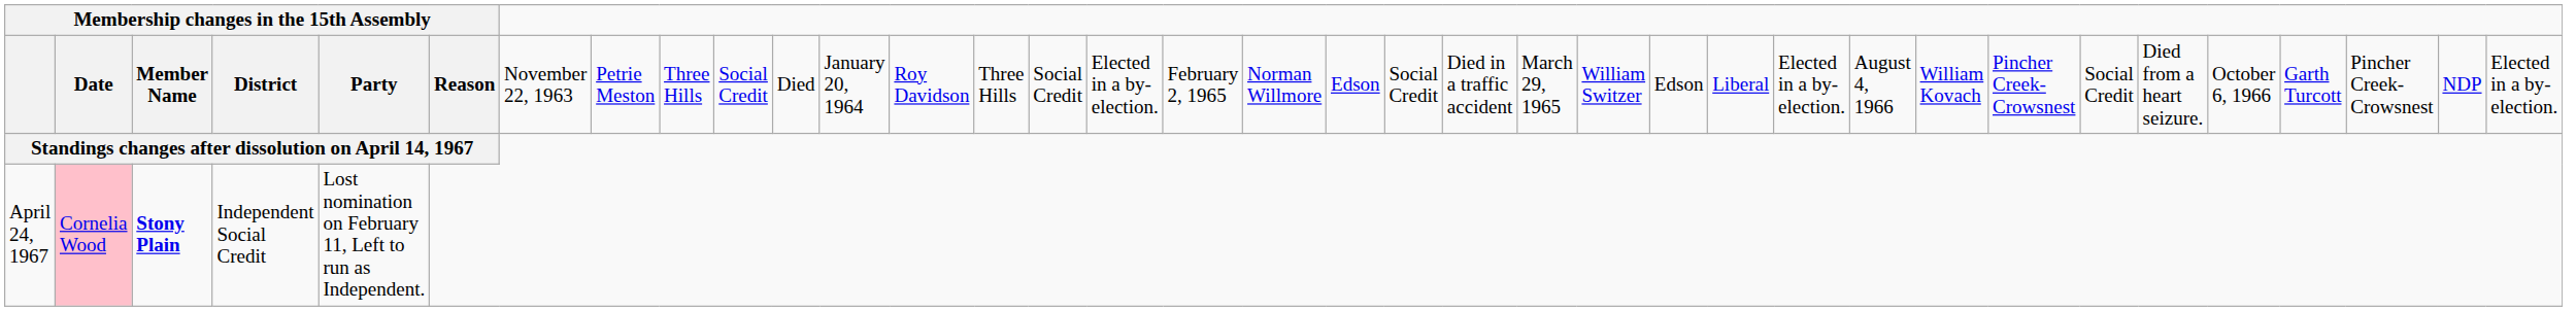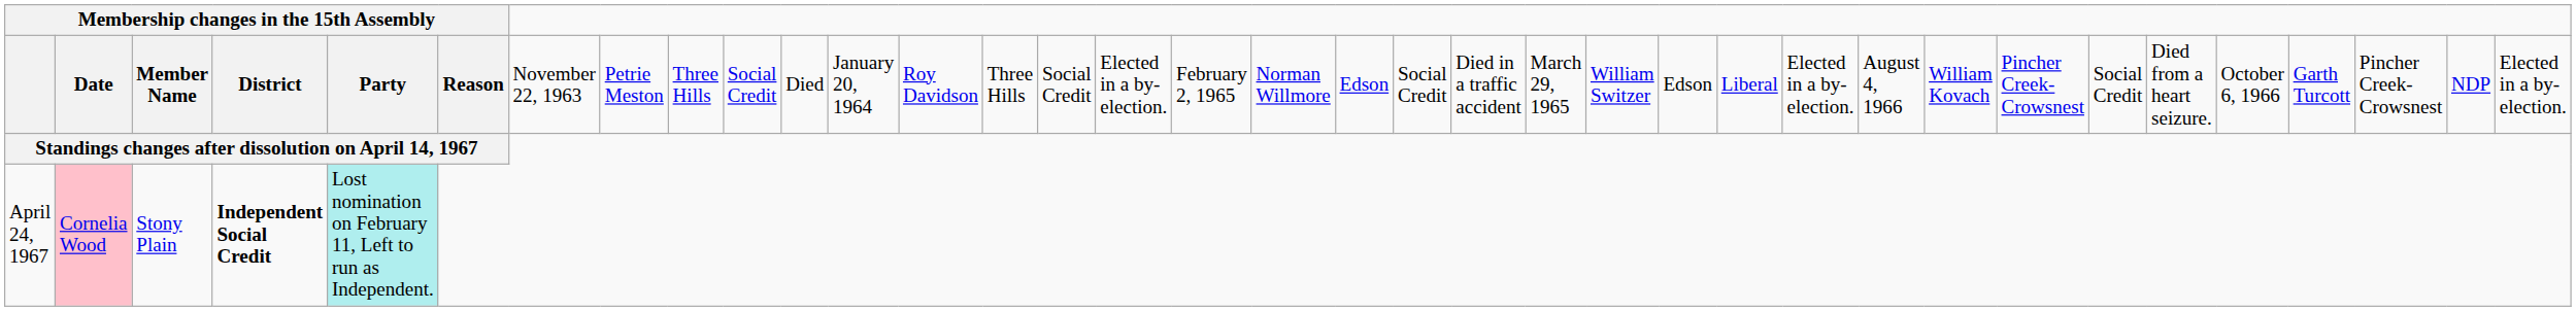 <table class="wikitable">
 <tr>
 <th colspan=6>Membership changes in the 15th Assembly</th>
 </tr>
 <tr>
 <th></th>
 <th>Date</th>
 <th>Member Name</th>
 <th>District</th>
 <th>Party</th>
 <th>Reason<br></th>
 <td>November 22, 1963</td>
 <td><a href='#'>Petrie Meston</a></td>
 <td><a href='#'>Three Hills</a></td>
 <td><a href='#'>Social Credit</a></td>
 <td>Died<br></td>
 <td>January 20, 1964</td>
 <td><a href='#'>Roy Davidson</a></td>
 <td>Three Hills</td>
 <td>Social Credit</td>
 <td>Elected in a by-election.<br></td>
 <td>February 2, 1965</td>
 <td><a href='#'>Norman Willmore</a></td>
 <td><a href='#'>Edson</a></td>
 <td>Social Credit</td>
 <td>Died in a traffic accident<br></td>
 <td>March 29, 1965</td>
 <td><a href='#'>William Switzer</a></td>
 <td>Edson</td>
 <td><a href='#'>Liberal</a></td>
 <td>Elected in a by-election.<br></td>
 <td>August 4, 1966</td>
 <td><a href='#'>William Kovach</a></td>
 <td><a href='#'>Pincher Creek-Crowsnest</a></td>
 <td>Social Credit</td>
 <td>Died from a heart seizure.<br></td>
 <td>October 6, 1966</td>
 <td><a href='#'>Garth Turcott</a></td>
 <td>Pincher Creek-Crowsnest</td>
 <td><a href='#'>NDP</a></td>
 <td>Elected in a by-election.</td>
 </tr>
 <tr>
 <th colspan=6>Standings changes after dissolution on April 14, 1967</th>
 </tr>
 <tr>
 <td>April 24, 1967</td>
 <td style="background: pink;"><a href='#'>Cornelia Wood</a></td>
-<td><strong><a href='#'>Stony Plain</a></strong></td>
-<td>Independent Social Credit</td>
-<td>Lost nomination on February 11, Left to run as Independent.</td>
+<td><a href='#'>Stony Plain</a></td>
+<td><strong>Independent Social Credit</strong></td>
+<td style="background: paleturquoise;">Lost nomination on February 11, Left to run as Independent.</td>
 </tr>
 </table>
